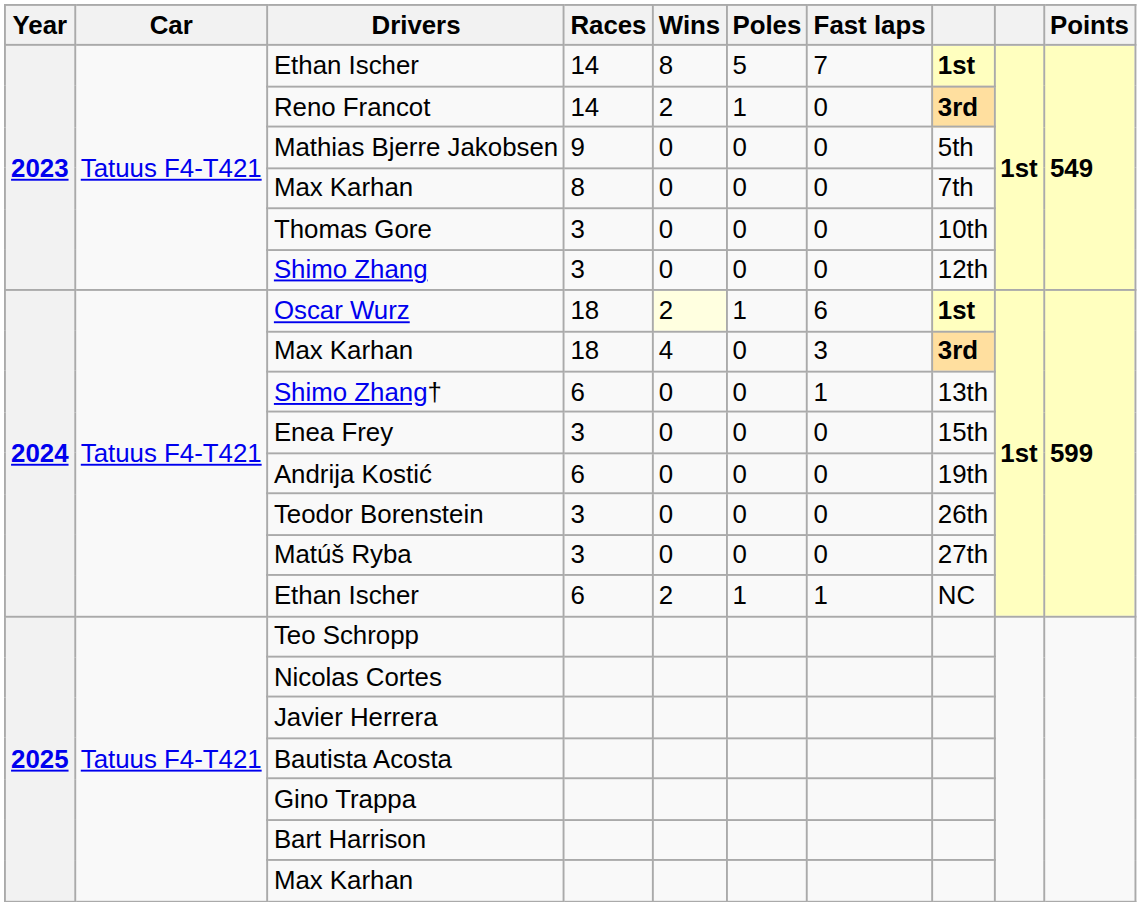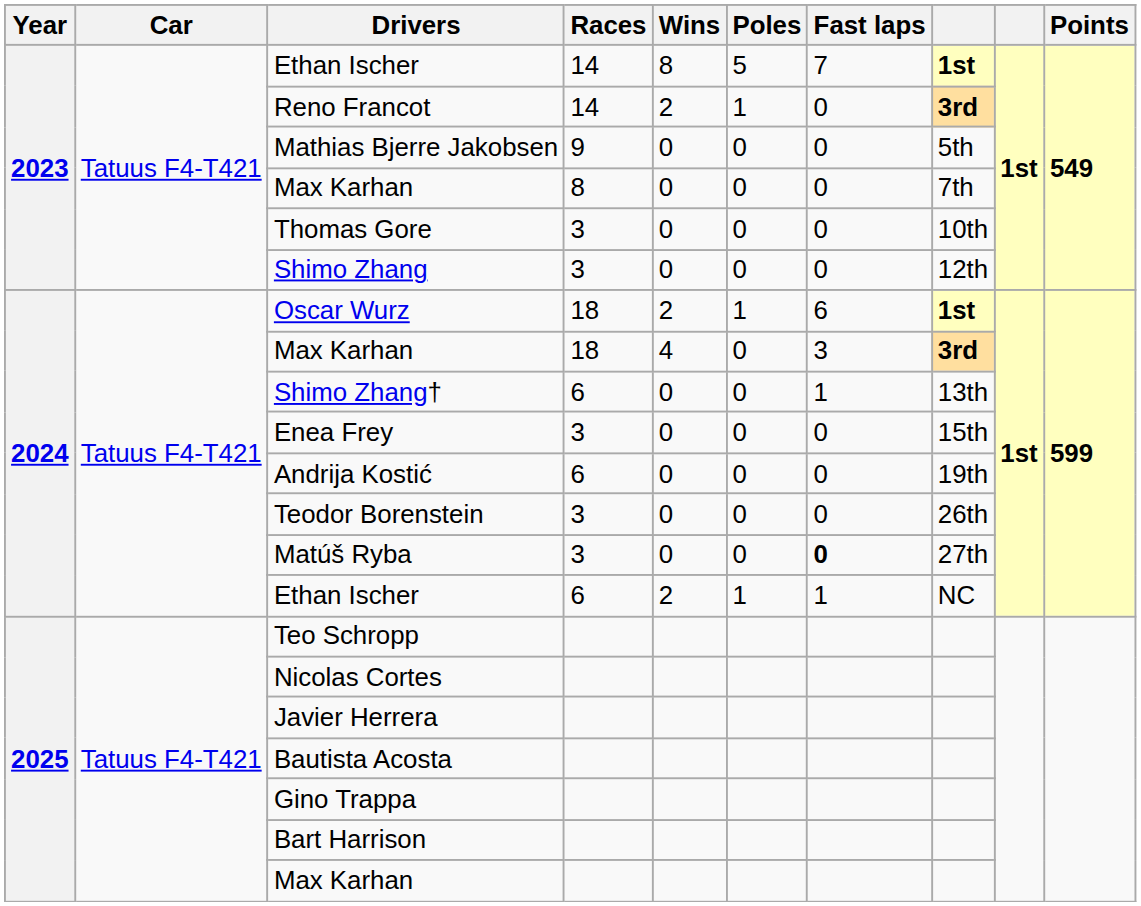 <table class="wikitable" style="font-size:85%">
 <tr>
 <th>Year</th>
 <th>Car</th>
 <th>Drivers</th>
 <th>Races</th>
 <th>Wins</th>
 <th>Poles</th>
 <th>Fast laps</th>
 <th></th>
 <th></th>
 <th>Points</th>
 </tr>
 <tr>
 <th rowspan="6"><a href='#'>2023</a></th>
 <td rowspan="6"><a href='#'>Tatuus F4-T421</a></td>
 <td> Ethan Ischer</td>
 <td>14</td>
 <td>8</td>
 <td>5</td>
 <td>7</td>
 <td style="background:#FFFFBF;"><strong>1st</strong></td>
 <td rowspan="6" style="background:#FFFFBF;"><strong>1st</strong></td>
 <td rowspan="6" style="background:#FFFFBF;"><strong>549</strong></td>
 </tr>
 <tr>
 <td> Reno Francot</td>
 <td>14</td>
 <td>2</td>
 <td>1</td>
 <td>0</td>
 <td style="background:#FFDF9F;"><strong>3rd</strong></td>
 </tr>
 <tr>
 <td> Mathias Bjerre Jakobsen</td>
 <td>9</td>
 <td>0</td>
 <td>0</td>
 <td>0</td>
 <td>5th</td>
 </tr>
 <tr>
 <td> Max Karhan</td>
 <td>8</td>
 <td>0</td>
 <td>0</td>
 <td>0</td>
 <td>7th</td>
 </tr>
 <tr>
 <td> Thomas Gore</td>
 <td>3</td>
 <td>0</td>
 <td>0</td>
 <td>0</td>
 <td>10th</td>
 </tr>
 <tr>
 <td> <a href='#'>Shimo Zhang</a></td>
 <td>3</td>
 <td>0</td>
 <td>0</td>
 <td>0</td>
 <td>12th</td>
 </tr>
 <tr>
 <th rowspan="8"><a href='#'>2024</a></th>
 <td rowspan="8"><a href='#'>Tatuus F4-T421</a></td>
 <td> <a href='#'>Oscar Wurz</a></td>
 <td>18</td>
-<td style="background: lightyellow;">2</td>
+<td>2</td>
 <td>1</td>
 <td>6</td>
 <td style="background:#FFFFBF;"><strong>1st</strong></td>
 <td rowspan="8" style="background:#FFFFBF;"><strong>1st</strong></td>
 <td rowspan="8" style="background:#FFFFBF;"><strong>599</strong></td>
 </tr>
 <tr>
 <td> Max Karhan</td>
 <td>18</td>
 <td>4</td>
 <td>0</td>
 <td>3</td>
 <td style="background:#FFDF9F;"><strong>3rd</strong></td>
 </tr>
 <tr>
 <td> <a href='#'>Shimo Zhang</a>†</td>
 <td>6</td>
 <td>0</td>
 <td>0</td>
 <td>1</td>
 <td>13th</td>
 </tr>
 <tr>
 <td> Enea Frey</td>
 <td>3</td>
 <td>0</td>
 <td>0</td>
 <td>0</td>
 <td>15th</td>
 </tr>
 <tr>
 <td> Andrija Kostić</td>
 <td>6</td>
 <td>0</td>
 <td>0</td>
 <td>0</td>
 <td>19th</td>
 </tr>
 <tr>
 <td> Teodor Borenstein</td>
 <td>3</td>
 <td>0</td>
 <td>0</td>
 <td>0</td>
 <td>26th</td>
 </tr>
 <tr>
 <td> Matúš Ryba</td>
 <td>3</td>
 <td>0</td>
 <td>0</td>
-<td>0</td>
+<td><strong>0</strong></td>
 <td>27th</td>
 </tr>
 <tr>
 <td> Ethan Ischer</td>
 <td>6</td>
 <td>2</td>
 <td>1</td>
 <td>1</td>
 <td>NC</td>
 </tr>
 <tr>
 <th rowspan="7"><a href='#'>2025</a></th>
 <td rowspan="7"><a href='#'>Tatuus F4-T421</a></td>
 <td> Teo Schropp</td>
 <td></td>
 <td></td>
 <td></td>
 <td></td>
 <td></td>
 <td rowspan="7"></td>
 <td rowspan="7"></td>
 </tr>
 <tr>
 <td> Nicolas Cortes</td>
 <td></td>
 <td></td>
 <td></td>
 <td></td>
 <td></td>
 </tr>
 <tr>
 <td> Javier Herrera</td>
 <td></td>
 <td></td>
 <td></td>
 <td></td>
 <td></td>
 </tr>
 <tr>
 <td> Bautista Acosta</td>
 <td></td>
 <td></td>
 <td></td>
 <td></td>
 <td></td>
 </tr>
 <tr>
 <td> Gino Trappa</td>
 <td></td>
 <td></td>
 <td></td>
 <td></td>
 <td></td>
 </tr>
 <tr>
 <td> Bart Harrison</td>
 <td></td>
 <td></td>
 <td></td>
 <td></td>
 <td></td>
 </tr>
 <tr>
 <td> Max Karhan</td>
 <td></td>
 <td></td>
 <td></td>
 <td></td>
 <td></td>
 </tr>
 </table>
